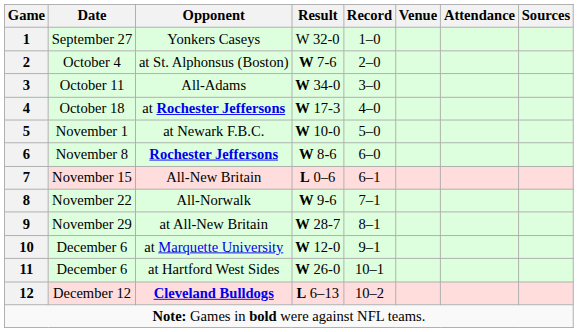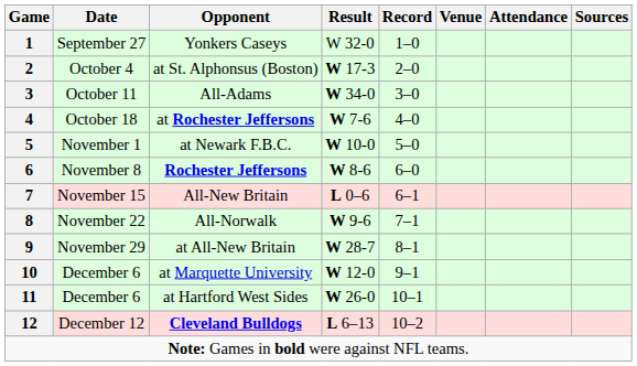 <table class="wikitable" style="text-align:center">
 <tr>
 <th>Game</th>
 <th>Date</th>
 <th>Opponent</th>
 <th>Result</th>
 <th>Record</th>
 <th>Venue</th>
 <th>Attendance</th>
 <th>Sources</th>
 </tr>
 <tr style="background: #ddffdd;">
 <th>1</th>
 <td>September 27</td>
 <td>Yonkers Caseys</td>
 <td>W 32-0</td>
 <td>1–0</td>
 <td></td>
 <td></td>
 <td></td>
 </tr>
 <tr style="background: #ddffdd;">
 <th>2</th>
 <td>October 4</td>
 <td>at St. Alphonsus (Boston)</td>
-<td><strong>W</strong> 7-6</td>
+<td><strong>W</strong> 17-3</td>
 <td>2–0</td>
 <td></td>
 <td></td>
 <td></td>
 </tr>
 <tr style="background: #ddffdd;">
 <th>3</th>
 <td>October 11</td>
 <td>All-Adams</td>
 <td><strong>W</strong> 34-0</td>
 <td>3–0</td>
 <td></td>
 <td></td>
 <td></td>
 </tr>
 <tr style="background: #ddffdd;">
 <th>4</th>
 <td>October 18</td>
 <td>at <strong><a href='#'>Rochester Jeffersons</a></strong></td>
-<td><strong>W</strong> 17-3</td>
+<td><strong>W</strong> 7-6</td>
 <td>4–0</td>
 <td></td>
 <td></td>
 <td></td>
 </tr>
 <tr style="background: #ddffdd;">
 <th>5</th>
 <td>November 1</td>
 <td>at Newark F.B.C.</td>
 <td><strong>W</strong> 10-0</td>
 <td>5–0</td>
 <td></td>
 <td></td>
 <td></td>
 </tr>
 <tr style="background: #ddffdd;">
 <th>6</th>
 <td>November 8</td>
 <td><strong><a href='#'>Rochester Jeffersons</a></strong></td>
 <td><strong>W</strong> 8-6</td>
 <td>6–0</td>
 <td></td>
 <td></td>
 <td></td>
 </tr>
 <tr style="background: #ffdddd;">
 <th>7</th>
 <td>November 15</td>
 <td>All-New Britain</td>
 <td><strong>L</strong> 0–6</td>
 <td>6–1</td>
 <td></td>
 <td></td>
 <td></td>
 </tr>
 <tr style="background: #ddffdd;">
 <th>8</th>
 <td>November 22</td>
 <td>All-Norwalk</td>
 <td><strong>W</strong> 9-6</td>
 <td>7–1</td>
 <td></td>
 <td></td>
 <td></td>
 </tr>
 <tr style="background: #ddffdd;">
 <th>9</th>
 <td>November 29</td>
 <td>at All-New Britain</td>
 <td><strong>W</strong> 28-7</td>
 <td>8–1</td>
 <td></td>
 <td></td>
 <td></td>
 </tr>
 <tr style="background: #ddffdd;">
 <th>10</th>
 <td>December 6</td>
 <td>at <a href='#'>Marquette University</a></td>
 <td><strong>W</strong> 12-0</td>
 <td>9–1</td>
 <td></td>
 <td></td>
 <td></td>
 </tr>
 <tr style="background: #ddffdd;">
 <th>11</th>
 <td>December 6</td>
 <td>at Hartford West Sides</td>
 <td><strong>W</strong> 26-0</td>
 <td>10–1</td>
 <td></td>
 <td></td>
 <td></td>
 </tr>
 <tr style="background: #ffdddd;">
 <th>12</th>
 <td>December 12</td>
 <td><strong><a href='#'>Cleveland Bulldogs</a></strong></td>
 <td><strong>L</strong> 6–13</td>
 <td>10–2</td>
 <td></td>
 <td></td>
 <td></td>
 </tr>
 <tr>
 <td colspan="9"><strong>Note: </strong>Games in <strong>bold</strong> were against NFL teams.</td>
 </tr>
 </table>
